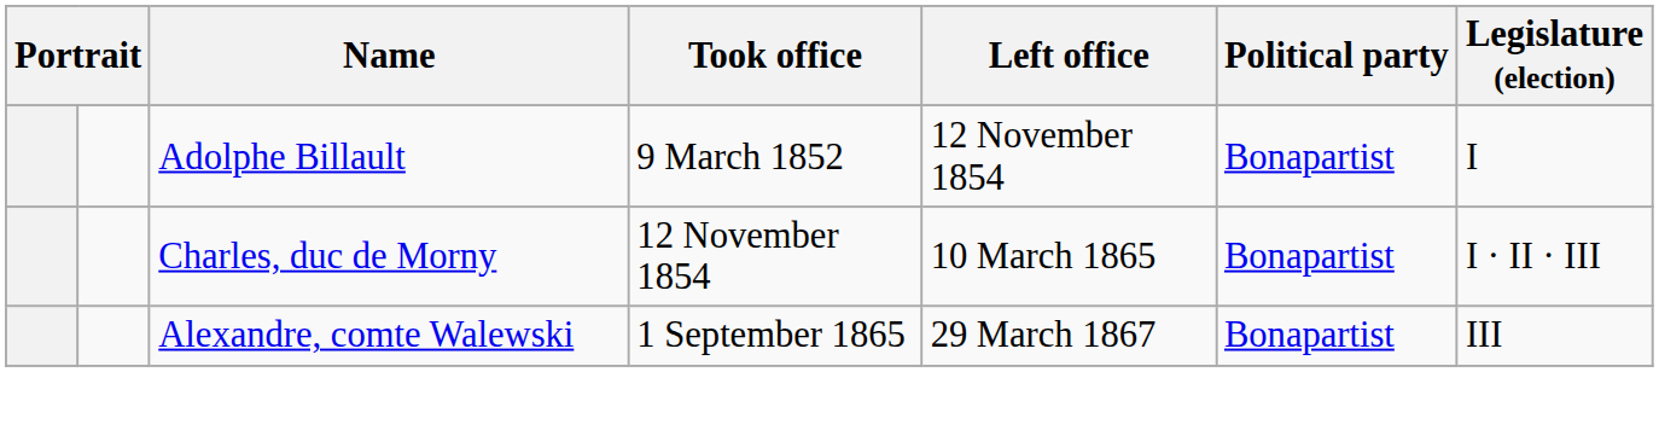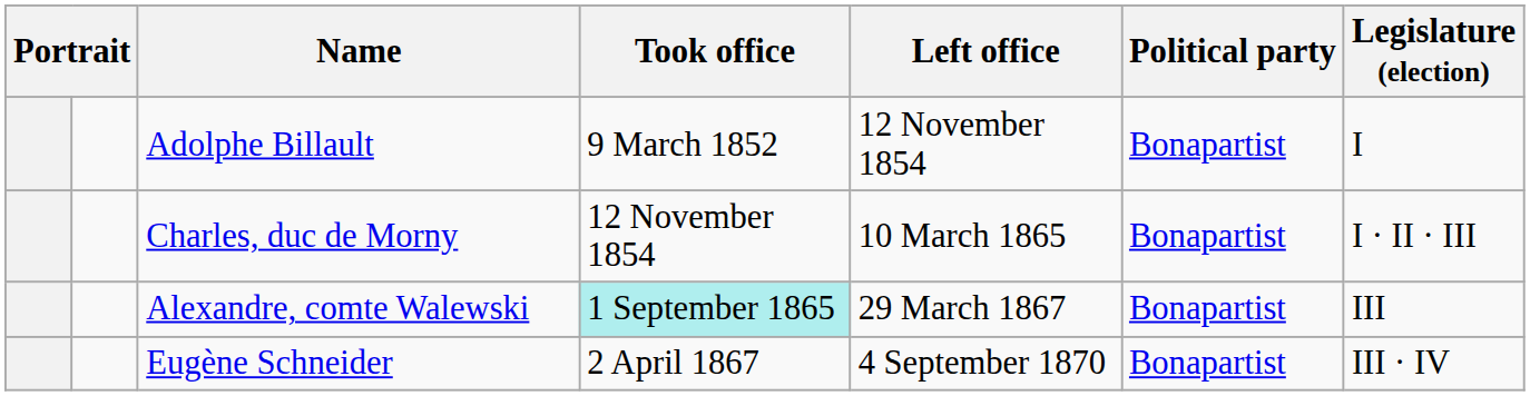 <table class="wikitable">
 <tr>
 <th colspan=2>Portrait</th>
 <th width=200>Name</th>
 <th width=120>Took office</th>
 <th width=120>Left office</th>
 <th>Political party</th>
 <th>Legislature<br><small>(election)</small></th>
 </tr>
 <tr>
 <th style="background:"></th>
 <td></td>
 <td><a href='#'>Adolphe Billault</a></td>
 <td>9 March 1852</td>
 <td>12 November 1854</td>
 <td><a href='#'>Bonapartist</a></td>
 <td>I</td>
 </tr>
 <tr>
 <th style="background:"></th>
 <td></td>
 <td><a href='#'>Charles, duc de Morny</a></td>
 <td>12 November 1854</td>
 <td>10 March 1865</td>
 <td><a href='#'>Bonapartist</a></td>
 <td>I · II · III</td>
 </tr>
 <tr>
 <th style="background:"></th>
 <td></td>
 <td><a href='#'>Alexandre, comte Walewski</a></td>
-<td>1 September 1865</td>
+<td style="background: paleturquoise;">1 September 1865</td>
 <td>29 March 1867</td>
 <td><a href='#'>Bonapartist</a></td>
 <td>III</td>
 </tr>
+<tr>
+<th style="background:"></th>
+<td></td>
+<td><a href='#'>Eugène Schneider</a></td>
+<td>2 April 1867</td>
+<td>4 September 1870</td>
+<td><a href='#'>Bonapartist</a></td>
+<td>III · IV</td>
+</tr>
 </table>
